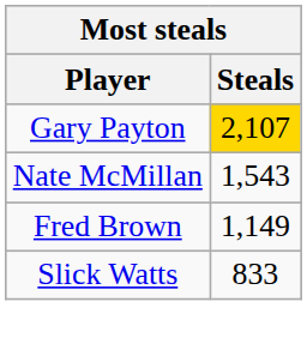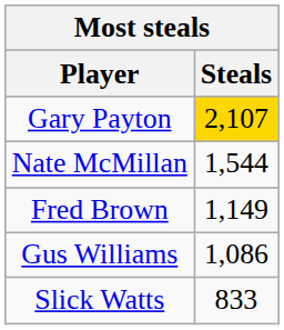 <table class="wikitable sortable" style="text-align:center">
 <tr>
 <th colspan="2" style="text-align:center; ">Most steals</th>
 </tr>
 <tr>
 <th style="text-align:center; ">Player</th>
 <th style="text-align:center; ">Steals</th>
 </tr>
 <tr>
 <td><a href='#'>Gary Payton</a></td>
 <td style="background: gold;">2,107</td>
 </tr>
 <tr>
 <td><a href='#'>Nate McMillan</a></td>
-<td>1,543</td>
+<td>1,544</td>
 </tr>
 <tr>
 <td><a href='#'>Fred Brown</a></td>
 <td>1,149</td>
 </tr>
 <tr>
+<td><a href='#'>Gus Williams</a></td>
+<td>1,086</td>
+</tr>
+<tr>
 <td><a href='#'>Slick Watts</a></td>
 <td>833</td>
 </tr>
 </table>
